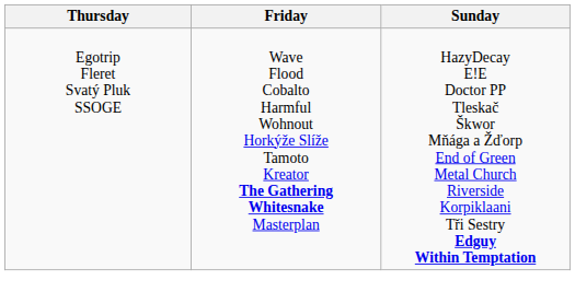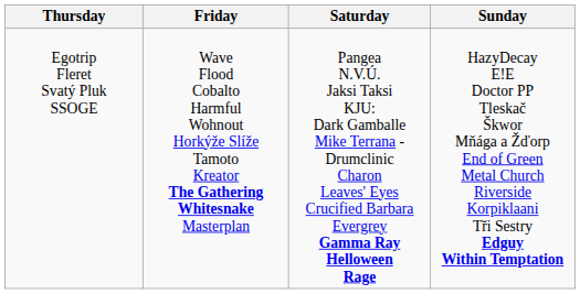 <table class="wikitable">
 <tr>
 <th>Thursday</th>
 <th>Friday</th>
+<th>Saturday</th>
 <th>Sunday</th>
 </tr>
 <tr>
 <td valign="top" align="center" width=235><br>Egotrip<br> Fleret<br> Svatý Pluk<br> SSOGE<br></td>
 <td valign="top" align="center" width=235><br>Wave <br> Flood <br> Cobalto <br> Harmful <br> Wohnout <br> <a href='#'>Horkýže Slíže</a> <br> Tamoto<br> <a href='#'>Kreator</a><br> <strong><a href='#'>The Gathering</a></strong><br> <strong><a href='#'>Whitesnake</a></strong><br> <a href='#'>Masterplan</a><br></td>
+<td valign="top" align="center" width=235><br>Pangea<br> N.V.Ú.<br> Jaksi Taksi<br> KJU:<br> Dark Gamballe <br> <a href='#'>Mike Terrana</a> - Drumclinic<br> <a href='#'>Charon</a><br> <a href='#'>Leaves' Eyes</a><br> <a href='#'>Crucified Barbara</a><br> <a href='#'>Evergrey</a><br> <strong><a href='#'>Gamma Ray</a><br></strong> <strong><a href='#'>Helloween</a></strong><br> <strong><a href='#'>Rage</a></strong><br></td>
 <td valign="top" align="center" width=235><br>HazyDecay<br> E!E<br> Doctor PP<br> Tleskač<br> Škwor<br> Mňága a Žďorp<br> <a href='#'>End of Green</a><br> <a href='#'>Metal Church</a><br> <a href='#'>Riverside</a><br> <a href='#'>Korpiklaani</a><br> Tři Sestry<br> <strong><a href='#'>Edguy</a></strong><br> <strong><a href='#'>Within Temptation</a></strong><br></td>
 </tr>
 </table>
